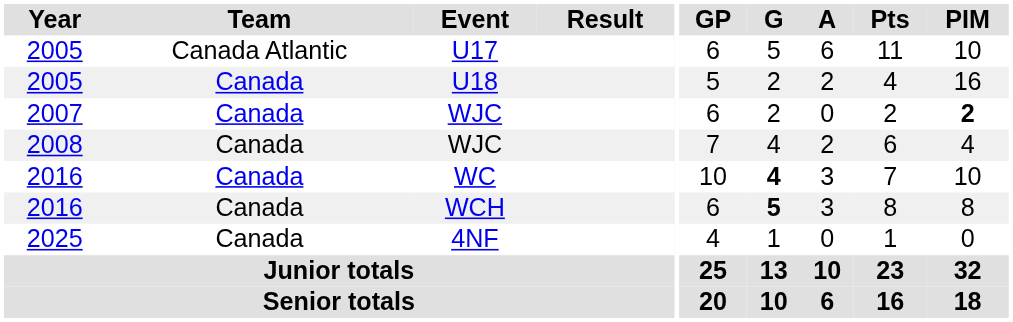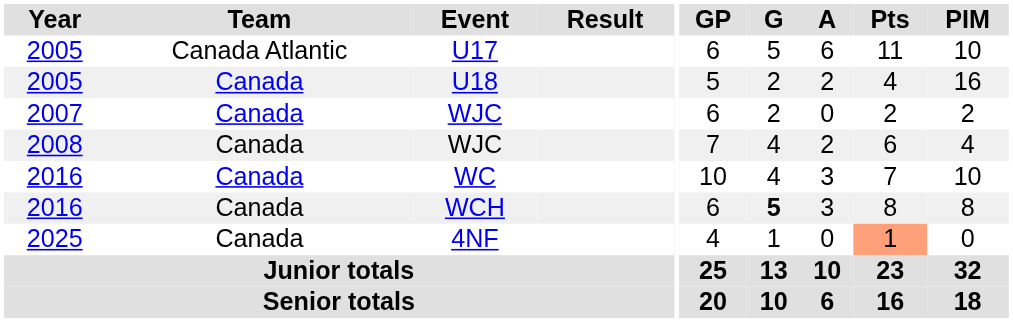 <table border="0" cellpadding="1" cellspacing="0" style="text-align:center; width:40em;">
 <tr bgcolor="#e0e0e0">
 <th>Year</th>
 <th>Team</th>
 <th>Event</th>
 <th>Result</th>
 <th rowspan="100" bgcolor="#ffffff"></th>
 <th>GP</th>
 <th>G</th>
 <th>A</th>
 <th>Pts</th>
 <th>PIM</th>
 </tr>
 <tr>
 <td><a href='#'>2005</a></td>
 <td>Canada Atlantic</td>
 <td><a href='#'>U17</a></td>
 <td></td>
 <td>6</td>
 <td>5</td>
 <td>6</td>
 <td>11</td>
 <td>10</td>
 </tr>
 <tr bgcolor="#f0f0f0">
 <td><a href='#'>2005</a></td>
 <td><a href='#'>Canada</a></td>
 <td><a href='#'>U18</a></td>
 <td></td>
 <td>5</td>
 <td>2</td>
 <td>2</td>
 <td>4</td>
 <td>16</td>
 </tr>
 <tr>
 <td><a href='#'>2007</a></td>
 <td><a href='#'>Canada</a></td>
 <td><a href='#'>WJC</a></td>
 <td></td>
 <td>6</td>
 <td>2</td>
 <td>0</td>
 <td>2</td>
-<td><strong>2</strong></td>
+<td>2</td>
 </tr>
 <tr bgcolor="#f0f0f0">
 <td><a href='#'>2008</a></td>
 <td>Canada</td>
 <td>WJC</td>
 <td></td>
 <td>7</td>
 <td>4</td>
 <td>2</td>
 <td>6</td>
 <td>4</td>
 </tr>
 <tr>
 <td><a href='#'>2016</a></td>
 <td><a href='#'>Canada</a></td>
 <td><a href='#'>WC</a></td>
 <td></td>
 <td>10</td>
-<td><strong>4</strong></td>
+<td>4</td>
 <td>3</td>
 <td>7</td>
 <td>10</td>
 </tr>
 <tr bgcolor="#f0f0f0">
 <td><a href='#'>2016</a></td>
 <td>Canada</td>
 <td><a href='#'>WCH</a></td>
 <td></td>
 <td>6</td>
 <td><strong>5</strong></td>
 <td>3</td>
 <td>8</td>
 <td>8</td>
 </tr>
 <tr>
 <td><a href='#'>2025</a></td>
 <td>Canada</td>
 <td><a href='#'>4NF</a></td>
 <td></td>
 <td>4</td>
 <td>1</td>
 <td>0</td>
-<td>1</td>
+<td style="background: lightsalmon;">1</td>
 <td>0</td>
 </tr>
 <tr bgcolor="#e0e0e0">
 <th colspan="4">Junior totals</th>
 <th>25</th>
 <th>13</th>
 <th>10</th>
 <th>23</th>
 <th>32</th>
 </tr>
 <tr bgcolor="#e0e0e0">
 <th colspan="4">Senior totals</th>
 <th>20</th>
 <th>10</th>
 <th>6</th>
 <th>16</th>
 <th>18</th>
 </tr>
 </table>
